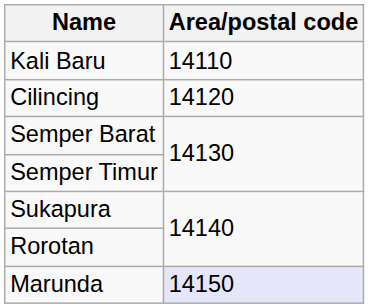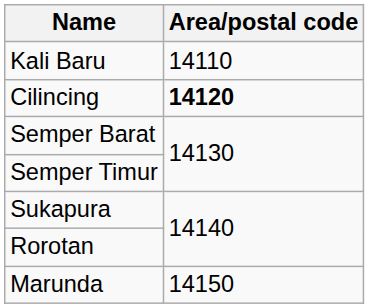 <table class=wikitable>
 <tr>
 <th>Name</th>
 <th>Area/postal code</th>
 </tr>
 <tr>
 <td>Kali Baru</td>
 <td>14110</td>
 </tr>
 <tr>
 <td>Cilincing</td>
-<td>14120</td>
+<td><strong>14120</strong></td>
 </tr>
 <tr>
 <td>Semper Barat</td>
 <td rowspan=2>14130</td>
 </tr>
 <tr>
 <td>Semper Timur</td>
 </tr>
 <tr>
 <td>Sukapura</td>
 <td rowspan=2>14140</td>
 </tr>
 <tr>
 <td>Rorotan</td>
 </tr>
 <tr>
 <td>Marunda</td>
-<td style="background: lavender;">14150</td>
+<td>14150</td>
 </tr>
 </table>
